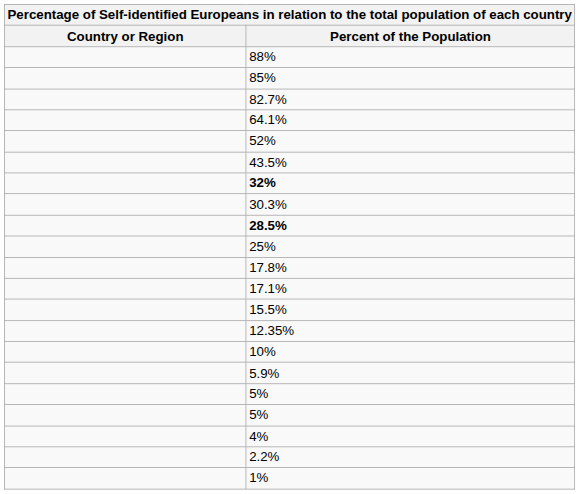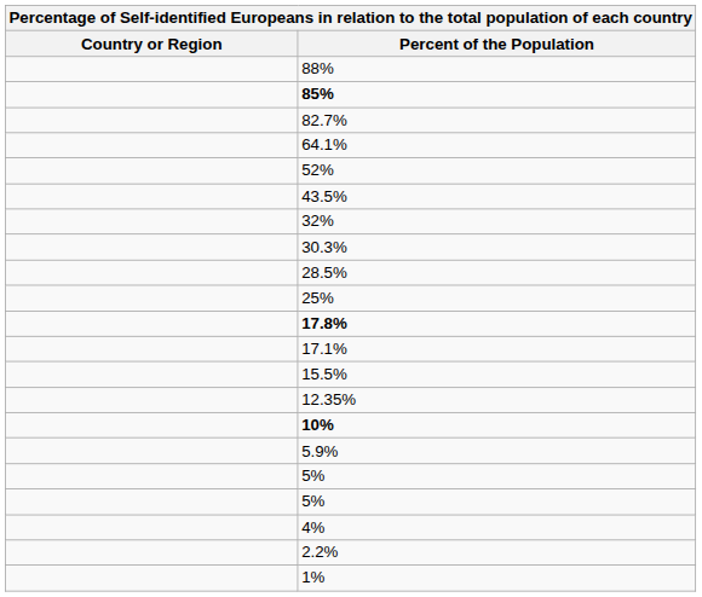 <table class="sortable wikitable">
 <tr>
 <th colspan=5>Percentage of Self-identified Europeans in relation to the total population of each country</th>
 </tr>
 <tr>
 <th>Country or Region</th>
 <th>Percent of the Population</th>
 </tr>
 <tr>
 <td></td>
 <td>88%</td>
 </tr>
 <tr>
 <td></td>
-<td>85%</td>
+<td><strong>85%</strong></td>
 </tr>
 <tr>
 <td></td>
 <td>82.7%</td>
 </tr>
 <tr>
 <td></td>
 <td>64.1%</td>
 </tr>
 <tr>
 <td></td>
 <td>52%</td>
 </tr>
 <tr>
 <td></td>
 <td>43.5%</td>
 </tr>
 <tr>
 <td></td>
-<td><strong>32%</strong></td>
+<td>32%</td>
 </tr>
 <tr>
 <td></td>
 <td>30.3%</td>
 </tr>
 <tr>
 <td></td>
-<td><strong>28.5%</strong></td>
+<td>28.5%</td>
 </tr>
 <tr>
 <td></td>
 <td>25%</td>
 </tr>
 <tr>
 <td></td>
-<td>17.8%</td>
+<td><strong>17.8%</strong></td>
 </tr>
 <tr>
 <td></td>
 <td>17.1%</td>
 </tr>
 <tr>
 <td></td>
 <td>15.5%</td>
 </tr>
 <tr>
 <td></td>
 <td>12.35%</td>
 </tr>
 <tr>
 <td></td>
-<td>10%</td>
+<td><strong>10%</strong></td>
 </tr>
 <tr>
 <td></td>
 <td>5.9%</td>
 </tr>
 <tr>
 <td></td>
 <td>5%</td>
 </tr>
 <tr>
 <td></td>
 <td>5%</td>
 </tr>
 <tr>
 <td></td>
 <td>4%</td>
 </tr>
 <tr>
 <td></td>
 <td>2.2%</td>
 </tr>
 <tr>
 <td></td>
 <td>1%</td>
 </tr>
 </table>
